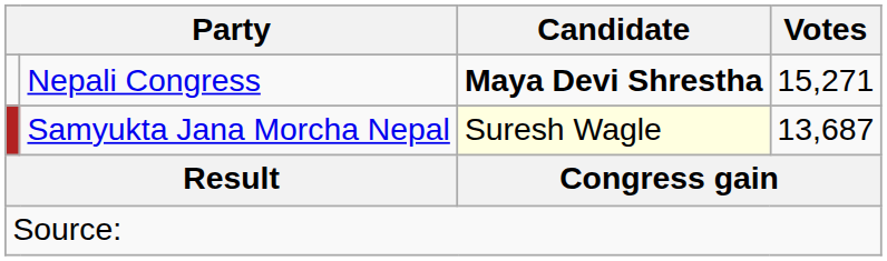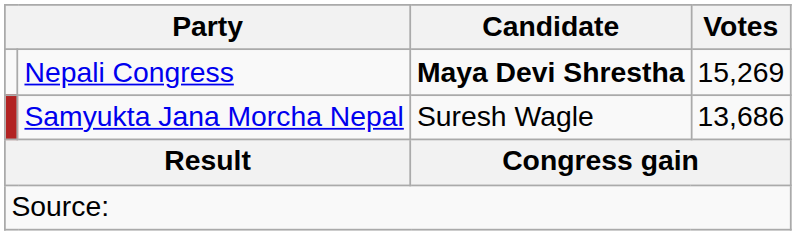 <table class="wikitable">
 <tr>
 <th colspan="2">Party</th>
 <th>Candidate</th>
 <th>Votes</th>
 </tr>
 <tr>
 <td style="background-color:"></td>
 <td><a href='#'>Nepali Congress</a></td>
 <td><strong>Maya Devi Shrestha</strong></td>
-<td>15,271</td>
+<td>15,269</td>
 </tr>
 <tr>
 <td style="background-color:firebrick"></td>
 <td><a href='#'>Samyukta Jana Morcha Nepal</a></td>
-<td style="background: lightyellow;">Suresh Wagle</td>
-<td>13,687</td>
+<td>Suresh Wagle</td>
+<td>13,686</td>
 </tr>
 <tr>
 <th colspan="2">Result</th>
 <th colspan="2">Congress gain</th>
 </tr>
 <tr>
 <td colspan="4">Source: </td>
 </tr>
 </table>
